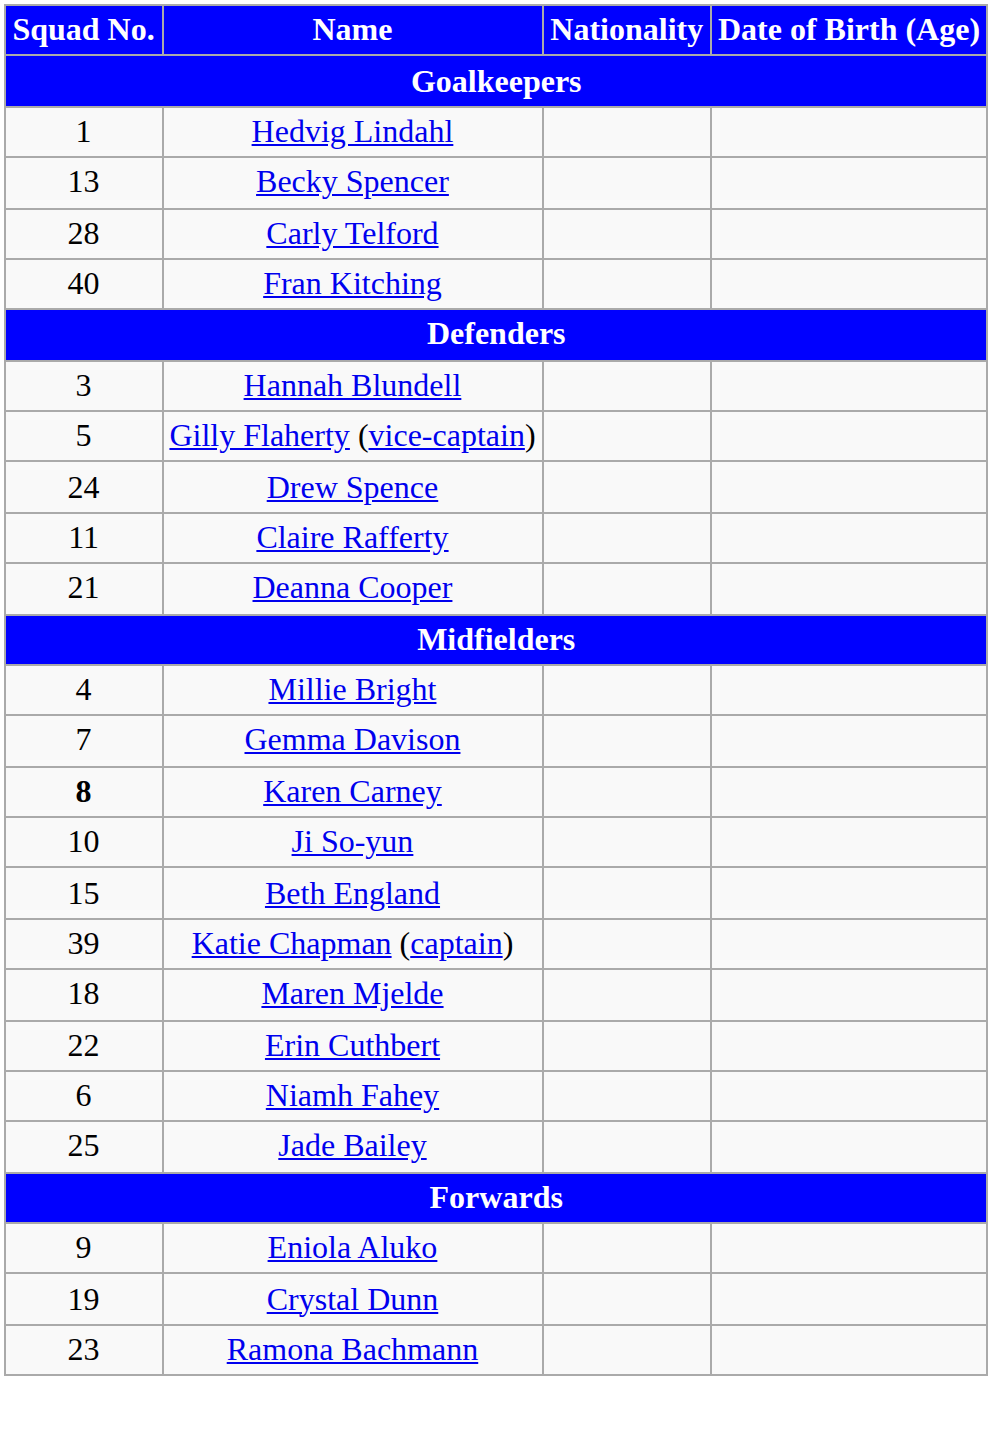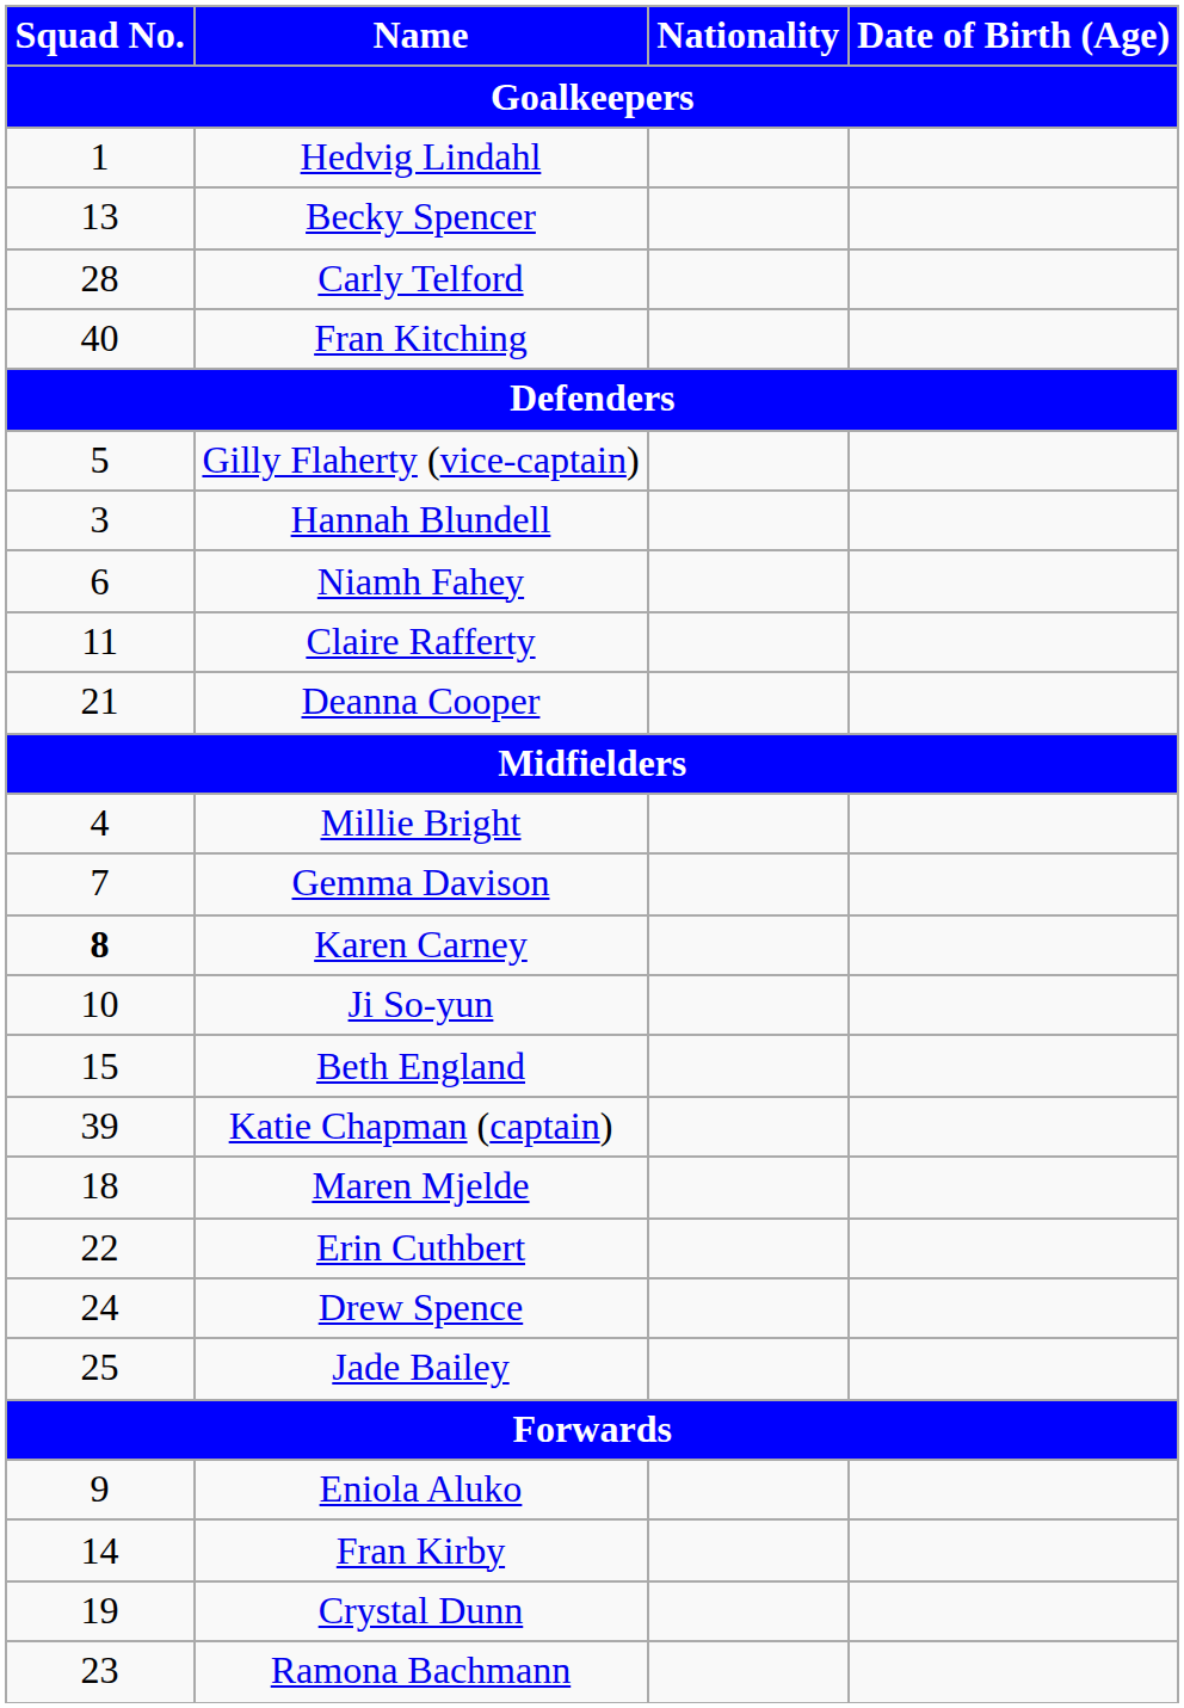 <table class="wikitable" style="text-align:center; font-size:100%; ">
 <tr>
 <th style="background:#00f; color:white; text-align:center;">Squad No.</th>
 <th style="background:#00f; color:white; text-align:center;">Name</th>
 <th style="background:#00f; color:white; text-align:center;">Nationality</th>
 <th style="background:#00f; color:white; text-align:center;">Date of Birth (Age)</th>
 </tr>
 <tr>
 <th colspan="4" style="background:#00f; color:white; text-align:center">Goalkeepers</th>
 </tr>
 <tr>
 <td>1</td>
 <td><a href='#'>Hedvig Lindahl</a></td>
 <td></td>
 <td></td>
 </tr>
 <tr>
 <td>13</td>
 <td><a href='#'>Becky Spencer</a></td>
 <td></td>
 <td></td>
 </tr>
 <tr>
 <td>28</td>
 <td><a href='#'>Carly Telford</a></td>
 <td></td>
 <td></td>
 </tr>
 <tr>
 <td>40</td>
 <td><a href='#'>Fran Kitching</a></td>
 <td></td>
 <td></td>
 </tr>
 <tr>
 <th colspan="4" style="background:#00f; color:white; text-align:center">Defenders</th>
 </tr>
 <tr>
+<td>5</td>
+<td><a href='#'>Gilly Flaherty</a> (<a href='#'>vice-captain</a>)</td>
+<td></td>
+<td></td>
+</tr>
+<tr>
 <td>3</td>
 <td><a href='#'>Hannah Blundell</a></td>
 <td></td>
 <td></td>
 </tr>
 <tr>
-<td>5</td>
-<td><a href='#'>Gilly Flaherty</a> (<a href='#'>vice-captain</a>)</td>
-<td></td>
-<td></td>
-</tr>
-<tr>
-<td>24</td>
-<td><a href='#'>Drew Spence</a></td>
+<td>6</td>
+<td><a href='#'>Niamh Fahey</a></td>
 <td></td>
 <td></td>
 </tr>
 <tr>
 <td>11</td>
 <td><a href='#'>Claire Rafferty</a></td>
 <td></td>
 <td></td>
 </tr>
 <tr>
 <td>21</td>
 <td><a href='#'>Deanna Cooper</a></td>
 <td></td>
 <td></td>
 </tr>
 <tr>
 <th style="background:#00f; color:white; text-align:center" colspan="4">Midfielders</th>
 </tr>
 <tr>
 <td>4</td>
 <td><a href='#'>Millie Bright</a></td>
 <td></td>
 <td></td>
 </tr>
 <tr>
 <td>7</td>
 <td><a href='#'>Gemma Davison</a></td>
 <td></td>
 <td></td>
 </tr>
 <tr>
 <td><strong>8</strong></td>
 <td><a href='#'>Karen Carney</a></td>
 <td></td>
 <td></td>
 </tr>
 <tr>
 <td>10</td>
 <td><a href='#'>Ji So-yun</a></td>
 <td></td>
 <td></td>
 </tr>
 <tr>
 <td>15</td>
 <td><a href='#'>Beth England</a></td>
 <td></td>
 <td></td>
 </tr>
 <tr>
 <td>39</td>
 <td><a href='#'>Katie Chapman</a> (<a href='#'>captain</a>)</td>
 <td></td>
 <td></td>
 </tr>
 <tr>
 <td>18</td>
 <td><a href='#'>Maren Mjelde</a></td>
 <td></td>
 <td></td>
 </tr>
 <tr>
 <td>22</td>
 <td><a href='#'>Erin Cuthbert</a></td>
 <td></td>
 <td></td>
 </tr>
 <tr>
-<td>6</td>
-<td><a href='#'>Niamh Fahey</a></td>
+<td>24</td>
+<td><a href='#'>Drew Spence</a></td>
 <td></td>
 <td></td>
 </tr>
 <tr>
 <td>25</td>
 <td><a href='#'>Jade Bailey</a></td>
 <td></td>
 <td></td>
 </tr>
 <tr>
 <th style="background:#00f; color:white; text-align:center" colspan="4">Forwards</th>
 </tr>
 <tr>
 <td>9</td>
 <td><a href='#'>Eniola Aluko</a></td>
 <td></td>
 <td></td>
 </tr>
 <tr>
+<td>14</td>
+<td><a href='#'>Fran Kirby</a></td>
+<td></td>
+<td></td>
+</tr>
+<tr>
 <td>19</td>
 <td><a href='#'>Crystal Dunn</a></td>
 <td></td>
 <td></td>
 </tr>
 <tr>
 <td>23</td>
 <td><a href='#'>Ramona Bachmann</a></td>
 <td></td>
 <td></td>
 </tr>
 <tr>
 </tr>
 </table>
